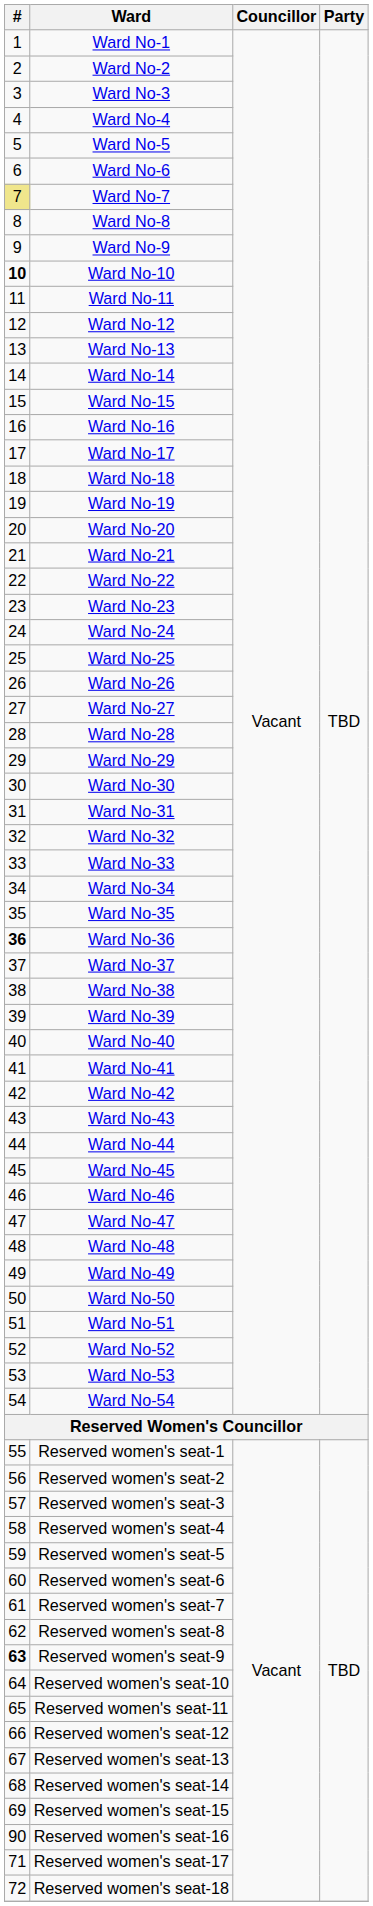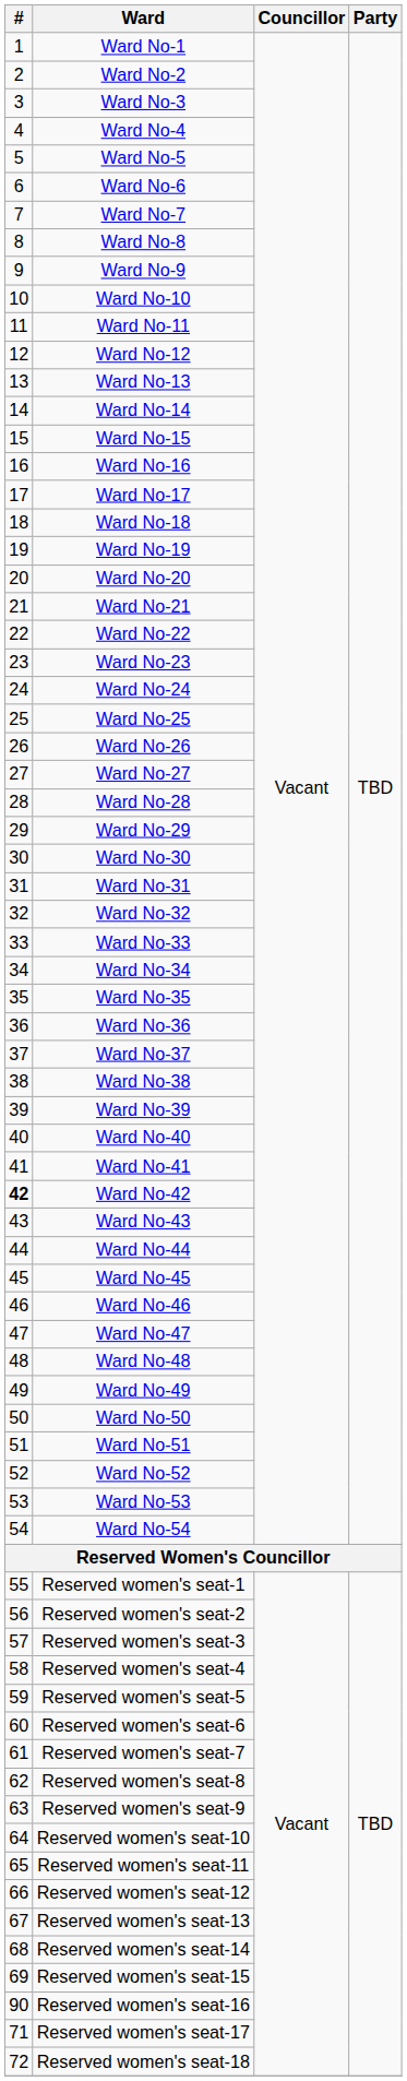 <table class="wikitable sortable" style="text-align:center;">
 <tr>
 <th>#</th>
 <th>Ward</th>
 <th>Councillor</th>
 <th colspan="2">Party</th>
 </tr>
 <tr>
 <td>1</td>
 <td><a href='#'>Ward No-1</a></td>
 <td rowspan="54">Vacant</td>
 <td colspan="2" rowspan="54" bgcolor="">TBD</td>
 </tr>
 <tr>
 <td>2</td>
 <td><a href='#'>Ward No-2</a></td>
 </tr>
 <tr>
 <td>3</td>
 <td><a href='#'>Ward No-3</a></td>
 </tr>
 <tr>
 <td>4</td>
 <td><a href='#'>Ward No-4</a></td>
 </tr>
 <tr>
 <td>5</td>
 <td><a href='#'>Ward No-5</a></td>
 </tr>
 <tr>
 <td>6</td>
 <td><a href='#'>Ward No-6</a></td>
 </tr>
 <tr>
-<td style="background: khaki;">7</td>
+<td>7</td>
 <td><a href='#'>Ward No-7</a></td>
 </tr>
 <tr>
 <td>8</td>
 <td><a href='#'>Ward No-8</a></td>
 </tr>
 <tr>
 <td>9</td>
 <td><a href='#'>Ward No-9</a></td>
 </tr>
 <tr>
-<td><strong>10</strong></td>
+<td>10</td>
 <td><a href='#'>Ward No-10</a></td>
 </tr>
 <tr>
 <td>11</td>
 <td><a href='#'>Ward No-11</a></td>
 </tr>
 <tr>
 <td>12</td>
 <td><a href='#'>Ward No-12</a></td>
 </tr>
 <tr>
 <td>13</td>
 <td><a href='#'>Ward No-13</a></td>
 </tr>
 <tr>
 <td>14</td>
 <td><a href='#'>Ward No-14</a></td>
 </tr>
 <tr>
 <td>15</td>
 <td><a href='#'>Ward No-15</a></td>
 </tr>
 <tr>
 <td>16</td>
 <td><a href='#'>Ward No-16</a></td>
 </tr>
 <tr>
 <td>17</td>
 <td><a href='#'>Ward No-17</a></td>
 </tr>
 <tr>
 <td>18</td>
 <td><a href='#'>Ward No-18</a></td>
 </tr>
 <tr>
 <td>19</td>
 <td><a href='#'>Ward No-19</a></td>
 </tr>
 <tr>
 <td>20</td>
 <td><a href='#'>Ward No-20</a></td>
 </tr>
 <tr>
 <td>21</td>
 <td><a href='#'>Ward No-21</a></td>
 </tr>
 <tr>
 <td>22</td>
 <td><a href='#'>Ward No-22</a></td>
 </tr>
 <tr>
 <td>23</td>
 <td><a href='#'>Ward No-23</a></td>
 </tr>
 <tr>
 <td>24</td>
 <td><a href='#'>Ward No-24</a></td>
 </tr>
 <tr>
 <td>25</td>
 <td><a href='#'>Ward No-25</a></td>
 </tr>
 <tr>
 <td>26</td>
 <td><a href='#'>Ward No-26</a></td>
 </tr>
 <tr>
 <td>27</td>
 <td><a href='#'>Ward No-27</a></td>
 </tr>
 <tr>
 <td>28</td>
 <td><a href='#'>Ward No-28</a></td>
 </tr>
 <tr>
 <td>29</td>
 <td><a href='#'>Ward No-29</a></td>
 </tr>
 <tr>
 <td>30</td>
 <td><a href='#'>Ward No-30</a></td>
 </tr>
 <tr>
 <td>31</td>
 <td><a href='#'>Ward No-31</a></td>
 </tr>
 <tr>
 <td>32</td>
 <td><a href='#'>Ward No-32</a></td>
 </tr>
 <tr>
 <td>33</td>
 <td><a href='#'>Ward No-33</a></td>
 </tr>
 <tr>
 <td>34</td>
 <td><a href='#'>Ward No-34</a></td>
 </tr>
 <tr>
 <td>35</td>
 <td><a href='#'>Ward No-35</a></td>
 </tr>
 <tr>
-<td><strong>36</strong></td>
+<td>36</td>
 <td><a href='#'>Ward No-36</a></td>
 </tr>
 <tr>
 <td>37</td>
 <td><a href='#'>Ward No-37</a></td>
 </tr>
 <tr>
 <td>38</td>
 <td><a href='#'>Ward No-38</a></td>
 </tr>
 <tr>
 <td>39</td>
 <td><a href='#'>Ward No-39</a></td>
 </tr>
 <tr>
 <td>40</td>
 <td><a href='#'>Ward No-40</a></td>
 </tr>
 <tr>
 <td>41</td>
 <td><a href='#'>Ward No-41</a></td>
 </tr>
 <tr>
-<td>42</td>
+<td><strong>42</strong></td>
 <td><a href='#'>Ward No-42</a></td>
 </tr>
 <tr>
 <td>43</td>
 <td><a href='#'>Ward No-43</a></td>
 </tr>
 <tr>
 <td>44</td>
 <td><a href='#'>Ward No-44</a></td>
 </tr>
 <tr>
 <td>45</td>
 <td><a href='#'>Ward No-45</a></td>
 </tr>
 <tr>
 <td>46</td>
 <td><a href='#'>Ward No-46</a></td>
 </tr>
 <tr>
 <td>47</td>
 <td><a href='#'>Ward No-47</a></td>
 </tr>
 <tr>
 <td>48</td>
 <td><a href='#'>Ward No-48</a></td>
 </tr>
 <tr>
 <td>49</td>
 <td><a href='#'>Ward No-49</a></td>
 </tr>
 <tr>
 <td>50</td>
 <td><a href='#'>Ward No-50</a></td>
 </tr>
 <tr>
 <td>51</td>
 <td><a href='#'>Ward No-51</a></td>
 </tr>
 <tr>
 <td>52</td>
 <td><a href='#'>Ward No-52</a></td>
 </tr>
 <tr>
 <td>53</td>
 <td><a href='#'>Ward No-53</a></td>
 </tr>
 <tr>
 <td>54</td>
 <td><a href='#'>Ward No-54</a></td>
 </tr>
 <tr>
 <th colspan="5"><strong>Reserved Women's Councillor</strong></th>
 </tr>
 <tr>
 <td>55</td>
 <td>Reserved women's seat-1</td>
 <td rowspan="18">Vacant</td>
 <td colspan="2" rowspan="18" bgcolor="">TBD</td>
 </tr>
 <tr>
 <td>56</td>
 <td>Reserved women's seat-2</td>
 </tr>
 <tr>
 <td>57</td>
 <td>Reserved women's seat-3</td>
 </tr>
 <tr>
 <td>58</td>
 <td>Reserved women's seat-4</td>
 </tr>
 <tr>
 <td>59</td>
 <td>Reserved women's seat-5</td>
 </tr>
 <tr>
 <td>60</td>
 <td>Reserved women's seat-6</td>
 </tr>
 <tr>
 <td>61</td>
 <td>Reserved women's seat-7</td>
 </tr>
 <tr>
 <td>62</td>
 <td>Reserved women's seat-8</td>
 </tr>
 <tr>
-<td><strong>63</strong></td>
+<td>63</td>
 <td>Reserved women's seat-9</td>
 </tr>
 <tr>
 <td>64</td>
 <td>Reserved women's seat-10</td>
 </tr>
 <tr>
 <td>65</td>
 <td>Reserved women's seat-11</td>
 </tr>
 <tr>
 <td>66</td>
 <td>Reserved women's seat-12</td>
 </tr>
 <tr>
 <td>67</td>
 <td>Reserved women's seat-13</td>
 </tr>
 <tr>
 <td>68</td>
 <td>Reserved women's seat-14</td>
 </tr>
 <tr>
 <td>69</td>
 <td>Reserved women's seat-15</td>
 </tr>
 <tr>
 <td>90</td>
 <td>Reserved women's seat-16</td>
 </tr>
 <tr>
 <td>71</td>
 <td>Reserved women's seat-17</td>
 </tr>
 <tr>
 <td>72</td>
 <td>Reserved women's seat-18</td>
 </tr>
 <tr>
 </tr>
 </table>
